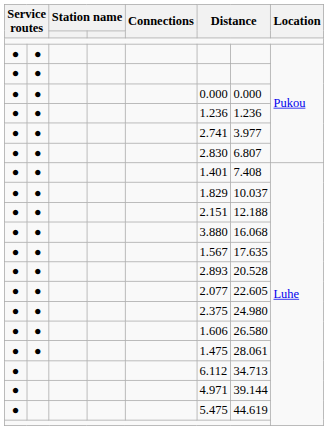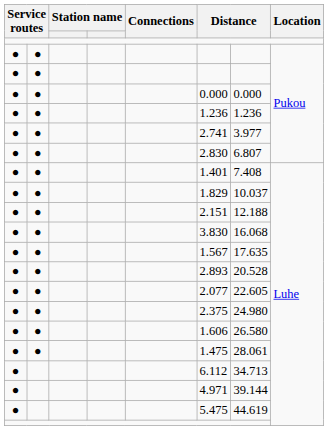 <table class="wikitable">
 <tr>
 <th rowspan="2" colspan="2">Service<br>routes</th>
 <th colspan="2">Station name</th>
 <th rowspan="2">Connections</th>
 <th colspan="2" rowspan="2">Distance<br></th>
 <th rowspan="2">Location</th>
 </tr>
 <tr>
 <th></th>
 <th></th>
 </tr>
 <tr style="background:#">
 <td colspan = "8"></td>
 </tr>
 <tr>
 <td align="center">●</td>
 <td align="center">●</td>
 <td></td>
 <td></td>
 <td></td>
 <td></td>
 <td></td>
 <td rowspan="6"><a href='#'>Pukou</a></td>
 </tr>
 <tr>
 <td align="center">●</td>
 <td align="center">●</td>
 <td></td>
 <td></td>
 <td></td>
 <td></td>
 <td></td>
 </tr>
 <tr>
 <td align="center">●</td>
 <td align="center">●</td>
 <td></td>
 <td></td>
 <td></td>
 <td>0.000</td>
 <td>0.000</td>
 </tr>
 <tr>
 <td align="center">●</td>
 <td align="center">●</td>
 <td></td>
 <td></td>
 <td></td>
 <td>1.236</td>
 <td>1.236</td>
 </tr>
 <tr>
 <td align="center">●</td>
 <td align="center">●</td>
 <td></td>
 <td></td>
 <td></td>
 <td>2.741</td>
 <td>3.977</td>
 </tr>
 <tr>
 <td align="center">●</td>
 <td align="center">●</td>
 <td></td>
 <td></td>
 <td></td>
 <td>2.830</td>
 <td>6.807</td>
 </tr>
 <tr>
 <td align="center">●</td>
 <td align="center">●</td>
 <td></td>
 <td></td>
 <td></td>
 <td>1.401</td>
 <td>7.408</td>
 <td rowspan="22"><a href='#'>Luhe</a></td>
 </tr>
 <tr>
 <td align="center">●</td>
 <td align="center">●</td>
 <td></td>
 <td></td>
 <td></td>
 <td>1.829</td>
 <td>10.037</td>
 </tr>
 <tr>
 <td align="center">●</td>
 <td align="center">●</td>
 <td></td>
 <td></td>
 <td></td>
 <td>2.151</td>
 <td>12.188</td>
 </tr>
 <tr>
 <td align="center">●</td>
 <td align="center">●</td>
 <td></td>
 <td></td>
 <td></td>
-<td>3.880</td>
+<td>3.830</td>
 <td>16.068</td>
 </tr>
 <tr>
 <td align="center">●</td>
 <td align="center">●</td>
 <td></td>
 <td></td>
 <td></td>
 <td>1.567</td>
 <td>17.635</td>
 </tr>
 <tr>
 <td align="center">●</td>
 <td align="center">●</td>
 <td></td>
 <td></td>
 <td></td>
 <td>2.893</td>
 <td>20.528</td>
 </tr>
 <tr>
 <td align="center">●</td>
 <td align="center">●</td>
 <td></td>
 <td></td>
 <td></td>
 <td>2.077</td>
 <td>22.605</td>
 </tr>
 <tr>
 <td align="center">●</td>
 <td align="center">●</td>
 <td></td>
 <td></td>
 <td></td>
 <td>2.375</td>
 <td>24.980</td>
 </tr>
 <tr>
 <td align="center">●</td>
 <td align="center">●</td>
 <td></td>
 <td></td>
 <td></td>
 <td>1.606</td>
 <td>26.580</td>
 </tr>
 <tr>
 <td align="center">●</td>
 <td align="center">●</td>
 <td></td>
 <td></td>
 <td></td>
 <td>1.475</td>
 <td>28.061</td>
 </tr>
 <tr>
 <td align="center">●</td>
 <td align="center"></td>
 <td></td>
 <td></td>
 <td></td>
 <td>6.112</td>
 <td>34.713</td>
 </tr>
 <tr>
 <td align="center">●</td>
 <td align="center"></td>
 <td></td>
 <td></td>
 <td></td>
 <td>4.971</td>
 <td>39.144</td>
 </tr>
 <tr>
 <td align="center">●</td>
 <td align="center"></td>
 <td></td>
 <td></td>
 <td></td>
 <td>5.475</td>
 <td>44.619</td>
 </tr>
 <tr style="background:#">
 <td colspan = "8"></td>
 </tr>
 </table>
